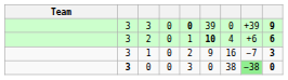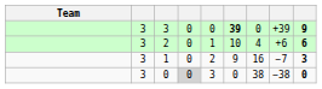 <table class="wikitable" style="text-align: center;">
 <tr>
 <th width="165">Team</th>
 <th width="25"></th>
 <th width="25"></th>
 <th width="25"></th>
 <th width="25"></th>
 <th width="25"></th>
 <th width="25"></th>
 <th width="25"></th>
 <th width="25"></th>
 </tr>
 <tr style="background:#ccffcc;">
 <td style="text-align:left;"></td>
 <td>3</td>
 <td>3</td>
 <td>0</td>
-<td><strong>0</strong></td>
-<td>39</td>
+<td>0</td>
+<td><strong>39</strong></td>
 <td>0</td>
 <td>+39</td>
 <td><strong>9</strong></td>
 </tr>
 <tr bgcolor=#ccffcc align=center>
 <td style="text-align:left;"></td>
 <td>3</td>
 <td>2</td>
 <td>0</td>
 <td>1</td>
-<td><strong>10</strong></td>
+<td>10</td>
 <td>4</td>
 <td>+6</td>
 <td><strong>6</strong></td>
 </tr>
 <tr align=center>
 <td style="text-align:left;"></td>
 <td>3</td>
 <td>1</td>
 <td>0</td>
 <td>2</td>
 <td>9</td>
 <td>16</td>
 <td>−7</td>
 <td><strong>3</strong></td>
 </tr>
 <tr align=center>
 <td style="text-align:left;"></td>
-<td><strong>3</strong></td>
+<td>3</td>
 <td>0</td>
-<td>0</td>
+<td style="background: lightgrey;">0</td>
 <td>3</td>
 <td>0</td>
 <td>38</td>
-<td style="background: lightgreen;">−38</td>
+<td>−38</td>
 <td><strong>0</strong></td>
 </tr>
 </table>
